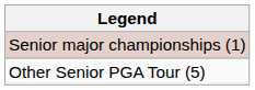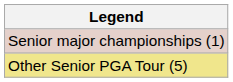 <table class="wikitable" style="font-size:95%;">
 <tr>
 <th>Legend</th>
 </tr>
 <tr style="background:#e5d1cb;">
 <td>Senior major championships (1)</td>
 </tr>
 <tr>
-<td>Other Senior PGA Tour (5)</td>
+<td style="background: khaki;">Other Senior PGA Tour (5)</td>
 </tr>
 </table>
